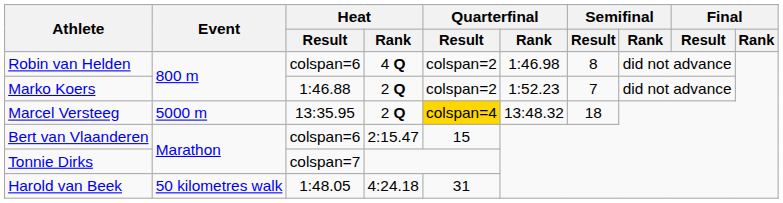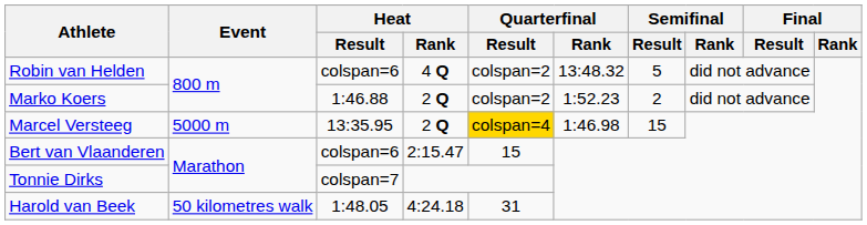 <table class="wikitable" style="font-size:90%">
 <tr>
 <th rowspan="2">Athlete</th>
 <th rowspan="2">Event</th>
 <th colspan="2">Heat</th>
 <th colspan="2">Quarterfinal</th>
 <th colspan="2">Semifinal</th>
 <th colspan="2">Final</th>
 </tr>
 <tr style="font-size:95%">
 <th>Result</th>
 <th>Rank</th>
 <th>Result</th>
 <th>Rank</th>
 <th>Result</th>
 <th>Rank</th>
 <th>Result</th>
 <th>Rank</th>
 </tr>
 <tr align=center>
 <td align=left><a href='#'>Robin van Helden</a></td>
 <td align=left rowspan=2><a href='#'>800 m</a></td>
 <td>colspan=6 </td>
 <td>4 <strong>Q</strong></td>
 <td>colspan=2 </td>
-<td>1:46.98</td>
-<td>8</td>
+<td>13:48.32</td>
+<td>5</td>
 <td colspan=2>did not advance</td>
 </tr>
 <tr align=center>
 <td align=left><a href='#'>Marko Koers</a></td>
 <td>1:46.88</td>
 <td>2 <strong>Q</strong></td>
 <td>colspan=2 </td>
 <td>1:52.23</td>
-<td>7</td>
+<td>2</td>
 <td colspan=2>did not advance</td>
 </tr>
 <tr align=center>
 <td align=left><a href='#'>Marcel Versteeg</a></td>
 <td align=left><a href='#'>5000 m</a></td>
 <td>13:35.95</td>
 <td>2 <strong>Q</strong></td>
 <td style="background: gold;">colspan=4 </td>
-<td>13:48.32</td>
-<td>18</td>
+<td>1:46.98</td>
+<td>15</td>
 </tr>
 <tr align=center>
 <td align=left><a href='#'>Bert van Vlaanderen</a></td>
 <td align=left rowspan=2><a href='#'>Marathon</a></td>
 <td>colspan=6 </td>
 <td>2:15.47</td>
 <td>15</td>
 </tr>
 <tr align=center>
 <td align=left><a href='#'>Tonnie Dirks</a></td>
 <td>colspan=7 </td>
 <td colspan=2></td>
 </tr>
 <tr align=center>
 <td align=left><a href='#'>Harold van Beek</a></td>
 <td align=left rowspan=2><a href='#'>50 kilometres walk</a></td>
 <td>1:48.05</td>
 <td>4:24.18</td>
 <td>31</td>
 </tr>
 </table>
